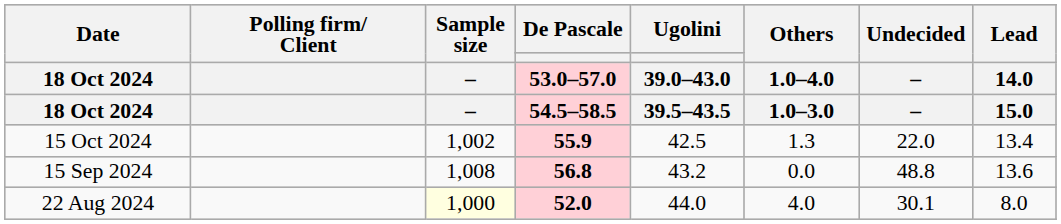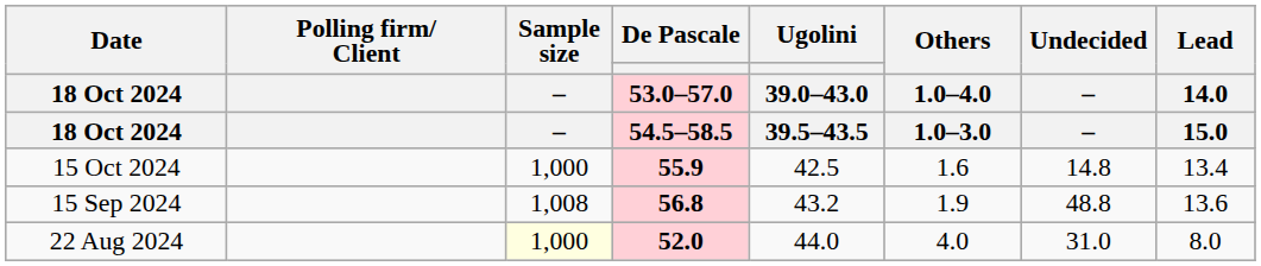 <table class="wikitable collapsible" style="text-align:center;font-size:85%;line-height:13px">
 <tr style="height:30px; background-color:#E9E9E9">
 <th style="width:110px;" rowspan="2">Date</th>
 <th style="width:140px;" rowspan="2">Polling firm/<br>Client</th>
 <th style="width:50px;" rowspan="2">Sample size</th>
 <th style="width:65px;">De Pascale</th>
 <th style="width:65px;">Ugolini</th>
 <th style="width:65px;" rowspan="2">Others</th>
 <th style="width:65px;" rowspan="2">Undecided</th>
 <th style="width:45px;" rowspan="2">Lead</th>
 </tr>
 <tr>
 <th style="background:"></th>
 <th style="background:"></th>
 </tr>
 <tr>
 <th>18 Oct 2024</th>
 <th></th>
 <th>–</th>
 <th style="background:#FFD0D7"><strong>53.0–57.0</strong></th>
 <th>39.0–43.0</th>
 <th>1.0–4.0</th>
 <th>–</th>
 <th style="background:">14.0</th>
 </tr>
 <tr>
 <th>18 Oct 2024</th>
 <th></th>
 <th>–</th>
 <th style="background:#FFD0D7"><strong>54.5–58.5</strong></th>
 <th>39.5–43.5</th>
 <th>1.0–3.0</th>
 <th>–</th>
 <th style="background:">15.0</th>
 </tr>
 <tr>
 <td>15 Oct 2024</td>
 <td></td>
-<td>1,002</td>
+<td>1,000</td>
 <td style="background:#FFD0D7"><strong>55.9</strong></td>
 <td>42.5</td>
-<td>1.3</td>
-<td>22.0</td>
+<td>1.6</td>
+<td>14.8</td>
 <td style="background:">13.4</td>
 </tr>
 <tr>
 <td>15 Sep 2024</td>
 <td></td>
 <td>1,008</td>
 <td style="background:#FFD0D7"><strong>56.8</strong></td>
 <td>43.2</td>
-<td>0.0</td>
+<td>1.9</td>
 <td>48.8</td>
 <td style="background:">13.6</td>
 </tr>
 <tr>
 <td>22 Aug 2024</td>
 <td></td>
 <td style="background: lightyellow;">1,000</td>
 <td style="background:#FFD0D7"><strong>52.0</strong></td>
 <td>44.0</td>
 <td>4.0</td>
-<td>30.1</td>
+<td>31.0</td>
 <td style="background:">8.0</td>
 </tr>
 </table>
